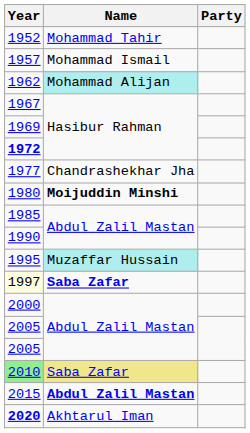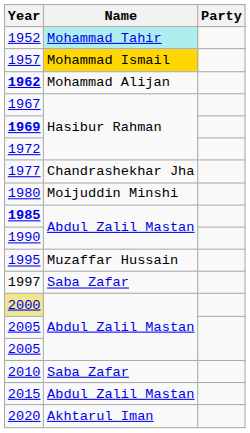 <table class="wikitable">
 <tr>
 <th>Year</th>
 <th>Name</th>
 <th colspan="2">Party</th>
 </tr>
 <tr>
 <td><a href='#'>1952</a></td>
-<td><a href='#'>Mohammad Tahir</a></td>
+<td style="background: paleturquoise;"><a href='#'>Mohammad Tahir</a></td>
 <td></td>
 </tr>
 <tr>
 <td><a href='#'>1957</a></td>
-<td>Mohammad Ismail</td>
+<td style="background: gold;">Mohammad Ismail</td>
 <td></td>
 </tr>
 <tr>
-<td><a href='#'>1962</a></td>
-<td style="background: paleturquoise;">Mohammad Alijan</td>
+<td><strong><a href='#'>1962</a></strong></td>
+<td>Mohammad Alijan</td>
 <td></td>
 </tr>
 <tr>
 <td><a href='#'>1967</a></td>
 <td rowspan="3">Hasibur Rahman</td>
 <td></td>
 </tr>
 <tr>
-<td><a href='#'>1969</a></td>
+<td><strong><a href='#'>1969</a></strong></td>
 </tr>
 <tr>
-<td><strong><a href='#'>1972</a></strong></td>
+<td><a href='#'>1972</a></td>
 <td></td>
 </tr>
 <tr>
 <td><a href='#'>1977</a></td>
 <td>Chandrashekhar Jha</td>
 <td></td>
 </tr>
 <tr>
 <td><a href='#'>1980</a></td>
-<td><strong>Moijuddin Minshi</strong></td>
+<td>Moijuddin Minshi</td>
 <td></td>
 </tr>
 <tr>
-<td><a href='#'>1985</a></td>
+<td><strong><a href='#'>1985</a></strong></td>
 <td rowspan="2"><a href='#'>Abdul Zalil Mastan</a></td>
 <td></td>
 </tr>
 <tr>
 <td><a href='#'>1990</a></td>
 <td></td>
 </tr>
 <tr>
 <td><a href='#'>1995</a></td>
-<td style="background: paleturquoise;">Muzaffar Hussain</td>
+<td>Muzaffar Hussain</td>
 <td></td>
 </tr>
 <tr>
-<td style="background: lightyellow;">1997</td>
-<td><strong><a href='#'>Saba Zafar</a></strong></td>
+<td>1997</td>
+<td><a href='#'>Saba Zafar</a></td>
 <td></td>
 </tr>
 <tr>
-<td><a href='#'>2000</a></td>
+<td style="background: khaki;"><a href='#'>2000</a></td>
 <td rowspan="3"><a href='#'>Abdul Zalil Mastan</a></td>
 <td></td>
 </tr>
 <tr>
 <td><a href='#'>2005</a></td>
 </tr>
 <tr>
 <td><a href='#'>2005</a></td>
 </tr>
 <tr>
-<td style="background: lightgreen;"><a href='#'>2010</a></td>
-<td style="background: khaki;"><a href='#'>Saba Zafar</a></td>
+<td><a href='#'>2010</a></td>
+<td><a href='#'>Saba Zafar</a></td>
 <td></td>
 </tr>
 <tr>
 <td><a href='#'>2015</a></td>
-<td><strong><a href='#'>Abdul Zalil Mastan</a></strong></td>
+<td><a href='#'>Abdul Zalil Mastan</a></td>
 <td></td>
 </tr>
 <tr>
-<td><strong><a href='#'>2020</a></strong></td>
+<td><a href='#'>2020</a></td>
 <td><a href='#'>Akhtarul Iman</a></td>
 <td></td>
 </tr>
 </table>
